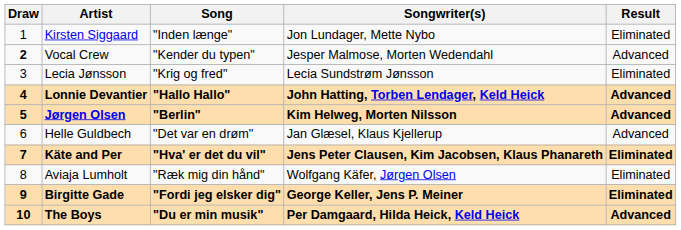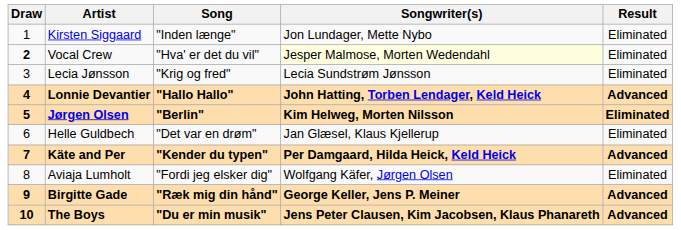 <table class="sortable wikitable" style="margin: 1em auto 1em auto; text-align:center">
 <tr>
 <th>Draw</th>
 <th>Artist</th>
 <th>Song</th>
 <th>Songwriter(s)</th>
 <th>Result</th>
 </tr>
 <tr>
 <td>1</td>
 <td align="left"><a href='#'>Kirsten Siggaard</a></td>
 <td align="left">"Inden længe"</td>
 <td align="left">Jon Lundager, Mette Nybo</td>
 <td>Eliminated</td>
 </tr>
 <tr>
 <td><strong>2</strong></td>
 <td align="left">Vocal Crew</td>
-<td align="left">"Kender du typen"</td>
-<td align="left">Jesper Malmose, Morten Wedendahl</td>
-<td>Advanced</td>
+<td align="left">"Hva' er det du vil"</td>
+<td align="left" style="background: lightyellow;">Jesper Malmose, Morten Wedendahl</td>
+<td>Eliminated</td>
 </tr>
 <tr>
 <td>3</td>
 <td align="left">Lecia Jønsson</td>
 <td align="left">"Krig og fred"</td>
 <td align="left">Lecia Sundstrøm Jønsson</td>
 <td>Eliminated</td>
 </tr>
 <tr style="font-weight:bold;background:navajowhite">
 <td>4</td>
 <td align="left">Lonnie Devantier</td>
 <td align="left">"Hallo Hallo"</td>
 <td align="left">John Hatting, <a href='#'>Torben Lendager</a>, <a href='#'>Keld Heick</a></td>
 <td>Advanced</td>
 </tr>
 <tr style="font-weight:bold;background:navajowhite">
 <td>5</td>
 <td align="left"><a href='#'>Jørgen Olsen</a></td>
 <td align="left">"Berlin"</td>
 <td align="left">Kim Helweg, Morten Nilsson</td>
-<td>Advanced</td>
+<td>Eliminated</td>
 </tr>
 <tr>
 <td>6</td>
 <td align="left">Helle Guldbech</td>
 <td align="left">"Det var en drøm"</td>
 <td align="left">Jan Glæsel, Klaus Kjellerup</td>
-<td>Advanced</td>
+<td>Eliminated</td>
 </tr>
 <tr style="font-weight:bold;background:navajowhite">
 <td>7</td>
 <td align="left">Käte and Per</td>
-<td align="left">"Hva' er det du vil"</td>
-<td align="left">Jens Peter Clausen, Kim Jacobsen, Klaus Phanareth</td>
-<td>Eliminated</td>
+<td align="left">"Kender du typen"</td>
+<td align="left">Per Damgaard, Hilda Heick, <a href='#'>Keld Heick</a></td>
+<td>Advanced</td>
 </tr>
 <tr>
 <td>8</td>
 <td align="left">Aviaja Lumholt</td>
-<td align="left">"Ræk mig din hånd"</td>
+<td align="left">"Fordi jeg elsker dig"</td>
 <td align="left">Wolfgang Käfer, <a href='#'>Jørgen Olsen</a></td>
 <td>Eliminated</td>
 </tr>
 <tr style="font-weight:bold;background:navajowhite">
 <td>9</td>
 <td align="left">Birgitte Gade</td>
-<td align="left">"Fordi jeg elsker dig"</td>
+<td align="left">"Ræk mig din hånd"</td>
 <td align="left">George Keller, Jens P. Meiner</td>
-<td>Eliminated</td>
+<td>Advanced</td>
 </tr>
 <tr style="font-weight:bold;background:navajowhite">
 <td>10</td>
 <td align="left">The Boys</td>
 <td align="left">"Du er min musik"</td>
-<td align="left">Per Damgaard, Hilda Heick, <a href='#'>Keld Heick</a></td>
+<td align="left">Jens Peter Clausen, Kim Jacobsen, Klaus Phanareth</td>
 <td>Advanced</td>
 </tr>
 </table>
